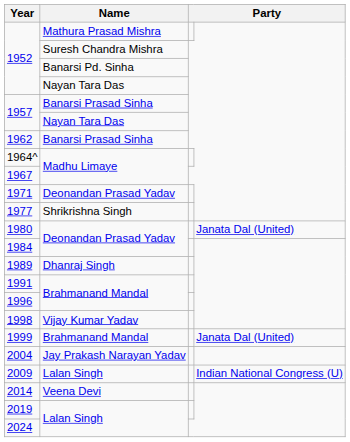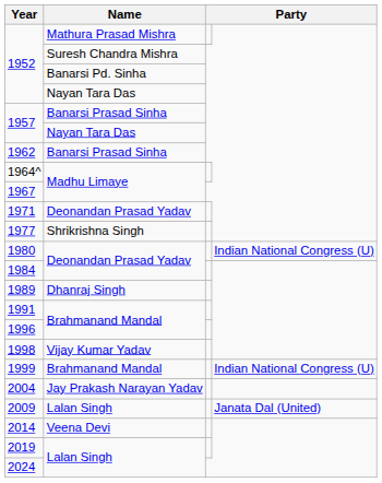 <table class="wikitable">
 <tr>
 <th>Year</th>
 <th>Name</th>
 <th colspan="2">Party</th>
 </tr>
 <tr>
 <td rowspan="4"><a href='#'>1952</a></td>
 <td><a href='#'>Mathura Prasad Mishra</a></td>
 <td></td>
 </tr>
 <tr>
 <td>Suresh Chandra Mishra</td>
 </tr>
 <tr>
 <td>Banarsi Pd. Sinha</td>
 </tr>
 <tr>
 <td>Nayan Tara Das</td>
 </tr>
 <tr>
 <td rowspan="2"><a href='#'>1957</a></td>
 <td><a href='#'>Banarsi Prasad Sinha</a></td>
 </tr>
 <tr>
 <td><a href='#'>Nayan Tara Das</a></td>
 </tr>
 <tr>
 <td><a href='#'>1962</a></td>
 <td><a href='#'>Banarsi Prasad Sinha</a></td>
 </tr>
 <tr>
 <td>1964^</td>
 <td rowspan="2"><a href='#'>Madhu Limaye</a></td>
 <td></td>
 </tr>
 <tr>
 <td><a href='#'>1967</a></td>
 </tr>
 <tr>
 <td><a href='#'>1971</a></td>
 <td><a href='#'>Deonandan Prasad Yadav</a></td>
 <td></td>
 </tr>
 <tr>
 <td><a href='#'>1977</a></td>
 <td>Shrikrishna Singh</td>
 <td></td>
 </tr>
 <tr>
 <td><a href='#'>1980</a></td>
 <td rowspan="2"><a href='#'>Deonandan Prasad Yadav</a></td>
 <td style="background-color: "></td>
-<td><a href='#'>Janata Dal (United)</a></td>
+<td><a href='#'>Indian National Congress (U)</a></td>
 </tr>
 <tr>
 <td><a href='#'>1984</a></td>
 <td></td>
 </tr>
 <tr>
 <td><a href='#'>1989</a></td>
 <td><a href='#'>Dhanraj Singh</a></td>
 <td></td>
 </tr>
 <tr>
 <td><a href='#'>1991</a></td>
 <td rowspan="2"><a href='#'>Brahmanand Mandal</a></td>
 <td></td>
 </tr>
 <tr>
 <td><a href='#'>1996</a></td>
 <td></td>
 </tr>
 <tr>
 <td><a href='#'>1998</a></td>
 <td><a href='#'>Vijay Kumar Yadav</a></td>
 <td></td>
 </tr>
 <tr>
 <td><a href='#'>1999</a></td>
 <td><a href='#'>Brahmanand Mandal</a></td>
 <td style="background-color :"></td>
-<td><a href='#'>Janata Dal (United)</a></td>
+<td><a href='#'>Indian National Congress (U)</a></td>
 </tr>
 <tr>
 <td><a href='#'>2004</a></td>
 <td><a href='#'>Jay Prakash Narayan Yadav</a></td>
 <td></td>
 </tr>
 <tr>
 <td><a href='#'>2009</a></td>
 <td><a href='#'>Lalan Singh</a></td>
 <td style="background-color :"></td>
-<td><a href='#'>Indian National Congress (U)</a></td>
+<td><a href='#'>Janata Dal (United)</a></td>
 </tr>
 <tr>
 <td><a href='#'>2014</a></td>
 <td><a href='#'>Veena Devi</a></td>
 <td></td>
 </tr>
 <tr>
 <td><a href='#'>2019</a></td>
 <td rowspan="2"><a href='#'>Lalan Singh</a></td>
 <td></td>
 </tr>
 <tr>
 <td><a href='#'>2024</a></td>
 </tr>
 </table>
